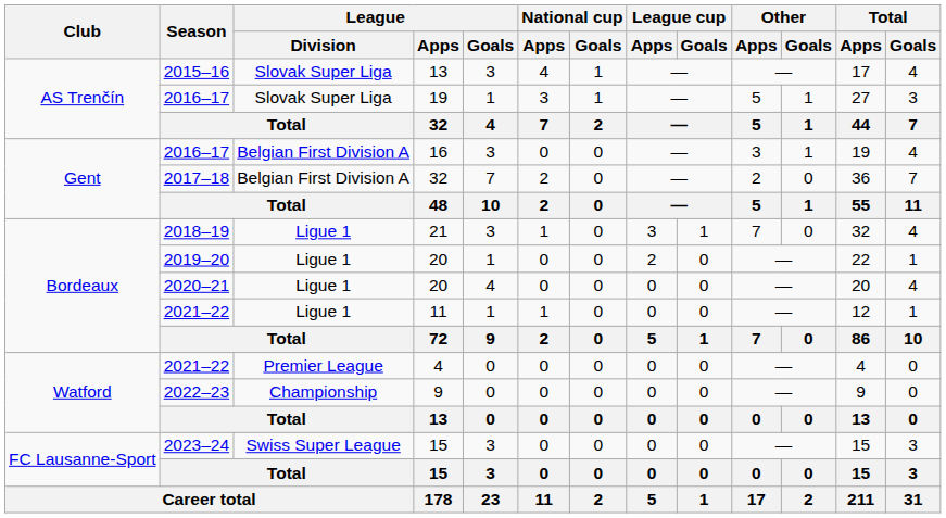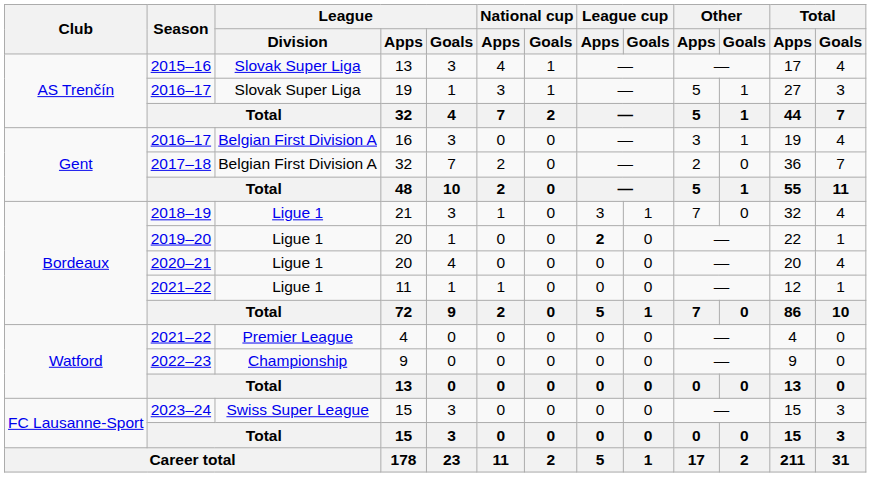 <table class="wikitable" style="text-align:center">
 <tr>
 <th rowspan="2">Club</th>
 <th rowspan="2">Season</th>
 <th colspan="3">League</th>
 <th colspan="2">National cup</th>
 <th colspan="2">League cup</th>
 <th colspan="2">Other</th>
 <th colspan="2">Total</th>
 </tr>
 <tr>
 <th>Division</th>
 <th>Apps</th>
 <th>Goals</th>
 <th>Apps</th>
 <th>Goals</th>
 <th>Apps</th>
 <th>Goals</th>
 <th>Apps</th>
 <th>Goals</th>
 <th>Apps</th>
 <th>Goals</th>
 </tr>
 <tr>
 <td rowspan="3"><a href='#'>AS Trenčín</a></td>
 <td><a href='#'>2015–16</a></td>
 <td><a href='#'>Slovak Super Liga</a></td>
 <td>13</td>
 <td>3</td>
 <td>4</td>
 <td>1</td>
 <td colspan="2">—</td>
 <td colspan="2">—</td>
 <td>17</td>
 <td>4</td>
 </tr>
 <tr>
 <td><a href='#'>2016–17</a></td>
 <td>Slovak Super Liga</td>
 <td>19</td>
 <td>1</td>
 <td>3</td>
 <td>1</td>
 <td colspan="2">—</td>
 <td>5</td>
 <td>1</td>
 <td>27</td>
 <td>3</td>
 </tr>
 <tr>
 <th colspan="2">Total</th>
 <th>32</th>
 <th>4</th>
 <th>7</th>
 <th>2</th>
 <th colspan="2">—</th>
 <th>5</th>
 <th>1</th>
 <th>44</th>
 <th>7</th>
 </tr>
 <tr>
 <td rowspan="3"><a href='#'>Gent</a></td>
 <td><a href='#'>2016–17</a></td>
 <td><a href='#'>Belgian First Division A</a></td>
 <td>16</td>
 <td>3</td>
 <td>0</td>
 <td>0</td>
 <td colspan="2">—</td>
 <td>3</td>
 <td>1</td>
 <td>19</td>
 <td>4</td>
 </tr>
 <tr>
 <td><a href='#'>2017–18</a></td>
 <td>Belgian First Division A</td>
 <td>32</td>
 <td>7</td>
 <td>2</td>
 <td>0</td>
 <td colspan="2">—</td>
 <td>2</td>
 <td>0</td>
 <td>36</td>
 <td>7</td>
 </tr>
 <tr>
 <th colspan="2">Total</th>
 <th>48</th>
 <th>10</th>
 <th>2</th>
 <th>0</th>
 <th colspan="2">—</th>
 <th>5</th>
 <th>1</th>
 <th>55</th>
 <th>11</th>
 </tr>
 <tr>
 <td rowspan="5"><a href='#'>Bordeaux</a></td>
 <td><a href='#'>2018–19</a></td>
 <td><a href='#'>Ligue 1</a></td>
 <td>21</td>
 <td>3</td>
 <td>1</td>
 <td>0</td>
 <td>3</td>
 <td>1</td>
 <td>7</td>
 <td>0</td>
 <td>32</td>
 <td>4</td>
 </tr>
 <tr>
 <td><a href='#'>2019–20</a></td>
 <td>Ligue 1</td>
 <td>20</td>
 <td>1</td>
 <td>0</td>
 <td>0</td>
-<td>2</td>
+<td><strong>2</strong></td>
 <td>0</td>
 <td colspan="2">—</td>
 <td>22</td>
 <td>1</td>
 </tr>
 <tr>
 <td><a href='#'>2020–21</a></td>
 <td>Ligue 1</td>
 <td>20</td>
 <td>4</td>
 <td>0</td>
 <td>0</td>
 <td>0</td>
 <td>0</td>
 <td colspan="2">—</td>
 <td>20</td>
 <td>4</td>
 </tr>
 <tr>
 <td><a href='#'>2021–22</a></td>
 <td>Ligue 1</td>
 <td>11</td>
 <td>1</td>
 <td>1</td>
 <td>0</td>
 <td>0</td>
 <td>0</td>
 <td colspan="2">—</td>
 <td>12</td>
 <td>1</td>
 </tr>
 <tr>
 <th colspan="2">Total</th>
 <th>72</th>
 <th>9</th>
 <th>2</th>
 <th>0</th>
 <th>5</th>
 <th>1</th>
 <th>7</th>
 <th>0</th>
 <th>86</th>
 <th>10</th>
 </tr>
 <tr>
 <td rowspan="3"><a href='#'>Watford</a></td>
 <td><a href='#'>2021–22</a></td>
 <td><a href='#'>Premier League</a></td>
 <td>4</td>
 <td>0</td>
 <td>0</td>
 <td>0</td>
 <td>0</td>
 <td>0</td>
 <td colspan="2">—</td>
 <td>4</td>
 <td>0</td>
 </tr>
 <tr>
 <td><a href='#'>2022–23</a></td>
 <td><a href='#'>Championship</a></td>
 <td>9</td>
 <td>0</td>
 <td>0</td>
 <td>0</td>
 <td>0</td>
 <td>0</td>
 <td colspan="2">—</td>
 <td>9</td>
 <td>0</td>
 </tr>
 <tr>
 <th colspan="2">Total</th>
 <th>13</th>
 <th>0</th>
 <th>0</th>
 <th>0</th>
 <th>0</th>
 <th>0</th>
 <th>0</th>
 <th>0</th>
 <th>13</th>
 <th>0</th>
 </tr>
 <tr>
 <td rowspan="2"><a href='#'>FC Lausanne-Sport</a></td>
 <td><a href='#'>2023–24</a></td>
 <td><a href='#'>Swiss Super League</a></td>
 <td>15</td>
 <td>3</td>
 <td>0</td>
 <td>0</td>
 <td>0</td>
 <td>0</td>
 <td colspan="2">—</td>
 <td>15</td>
 <td>3</td>
 </tr>
 <tr>
 <th colspan="2">Total</th>
 <th>15</th>
 <th>3</th>
 <th>0</th>
 <th>0</th>
 <th>0</th>
 <th>0</th>
 <th>0</th>
 <th>0</th>
 <th>15</th>
 <th>3</th>
 </tr>
 <tr>
 <th colspan="3">Career total</th>
 <th>178</th>
 <th>23</th>
 <th>11</th>
 <th>2</th>
 <th>5</th>
 <th>1</th>
 <th>17</th>
 <th>2</th>
 <th>211</th>
 <th>31</th>
 </tr>
 </table>
